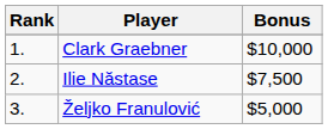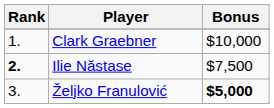 <table class="sortable wikitable" style=font-size:97%>
 <tr>
 <th class=unsortable>Rank</th>
 <th style="width:150px">Player</th>
 <th style="width:60px">Bonus</th>
 </tr>
 <tr>
 </tr>
 <tr>
 <td>1.</td>
 <td> <a href='#'>Clark Graebner</a></td>
 <td>$10,000</td>
 </tr>
 <tr>
-<td>2.</td>
+<td><strong>2.</strong></td>
 <td> <a href='#'>Ilie Năstase</a></td>
 <td>$7,500</td>
 </tr>
 <tr>
 <td>3.</td>
 <td> <a href='#'>Željko Franulović</a></td>
-<td>$5,000</td>
+<td><strong>$5,000</strong></td>
 </tr>
 </table>
